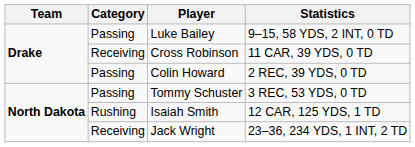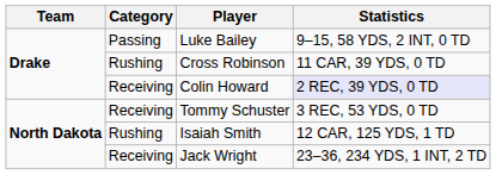 <table class="wikitable" style="float: right;">
 <tr>
 <th>Team</th>
 <th>Category</th>
 <th>Player</th>
 <th>Statistics</th>
 </tr>
 <tr>
 <td rowspan=3><strong>Drake</strong></td>
 <td>Passing</td>
 <td>Luke Bailey</td>
 <td>9–15, 58 YDS, 2 INT, 0 TD</td>
 </tr>
 <tr>
-<td>Receiving</td>
+<td>Rushing</td>
 <td>Cross Robinson</td>
 <td>11 CAR, 39 YDS, 0 TD</td>
 </tr>
 <tr>
-<td>Passing</td>
+<td>Receiving</td>
 <td>Colin Howard</td>
-<td>2 REC, 39 YDS, 0 TD</td>
+<td style="background: lavender;">2 REC, 39 YDS, 0 TD</td>
 </tr>
 <tr>
 <td rowspan=3><strong>North Dakota</strong></td>
-<td>Passing</td>
+<td>Receiving</td>
 <td>Tommy Schuster</td>
 <td>3 REC, 53 YDS, 0 TD</td>
 </tr>
 <tr>
 <td>Rushing</td>
 <td>Isaiah Smith</td>
 <td>12 CAR, 125 YDS, 1 TD</td>
 </tr>
 <tr>
 <td>Receiving</td>
 <td>Jack Wright</td>
 <td>23–36, 234 YDS, 1 INT, 2 TD</td>
 </tr>
 </table>
